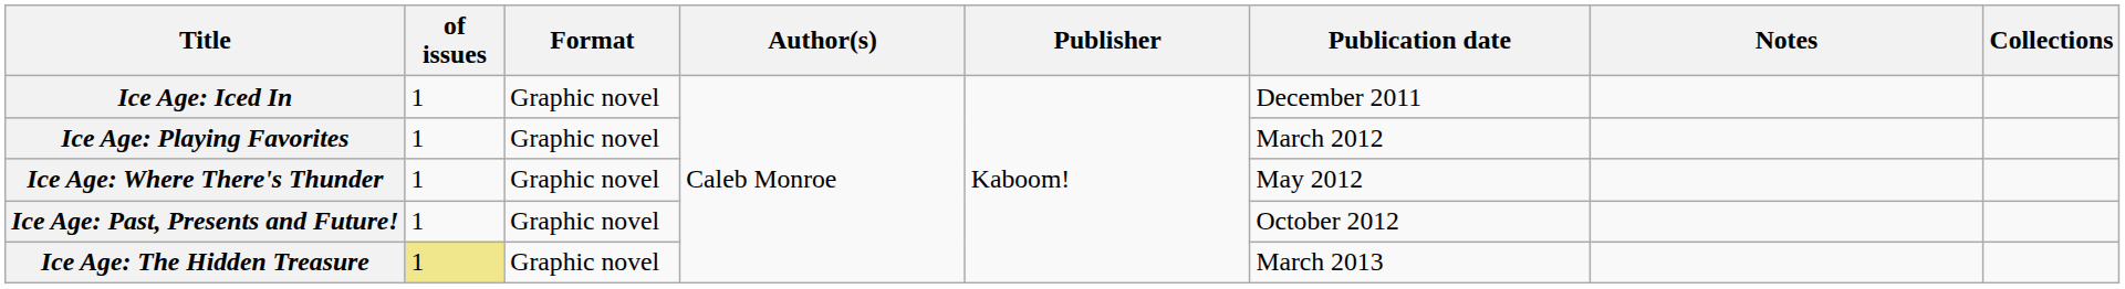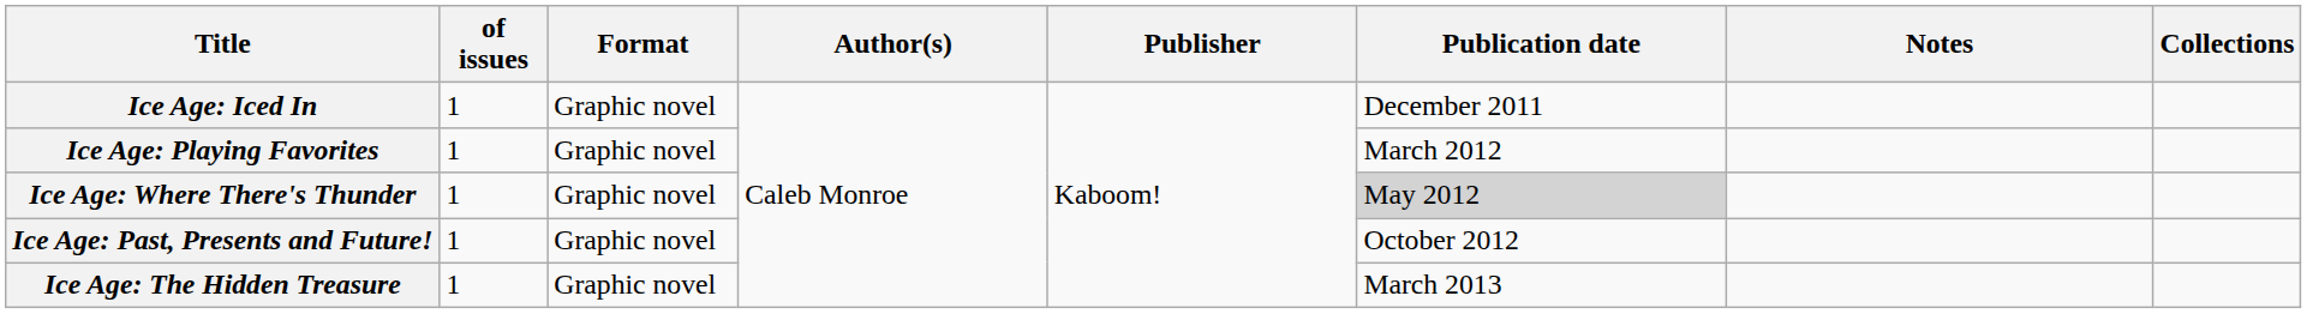 <table class="wikitable">
 <tr>
 <th>Title</th>
 <th style="width:40pt"> of issues</th>
 <th style="width:75pt">Format</th>
 <th style="width:125pt">Author(s)</th>
 <th style="width:125pt">Publisher</th>
 <th style="width:150pt">Publication date</th>
 <th style="width:175pt">Notes</th>
 <th>Collections</th>
 </tr>
 <tr>
 <th><em>Ice Age: Iced In</em></th>
 <td>1</td>
 <td>Graphic novel</td>
 <td rowspan="5">Caleb Monroe</td>
 <td rowspan="5">Kaboom!</td>
 <td>December 2011</td>
 <td></td>
 <td></td>
 </tr>
 <tr>
 <th><em>Ice Age: Playing Favorites</em></th>
 <td>1</td>
 <td>Graphic novel</td>
 <td>March 2012</td>
 <td></td>
 <td></td>
 </tr>
 <tr>
 <th><em>Ice Age: Where There's Thunder</em></th>
 <td>1</td>
 <td>Graphic novel</td>
-<td>May 2012</td>
+<td style="background: lightgrey;">May 2012</td>
 <td></td>
 <td></td>
 </tr>
 <tr>
 <th><em>Ice Age: Past, Presents and Future!</em></th>
 <td>1</td>
 <td>Graphic novel</td>
 <td>October 2012</td>
 <td></td>
 <td></td>
 </tr>
 <tr>
 <th><em>Ice Age: The Hidden Treasure</em></th>
-<td style="background: khaki;">1</td>
+<td>1</td>
 <td>Graphic novel</td>
 <td>March 2013</td>
 <td></td>
 <td></td>
 </tr>
 </table>
